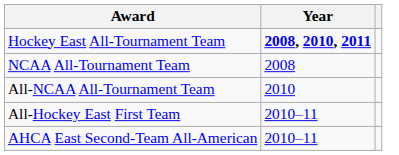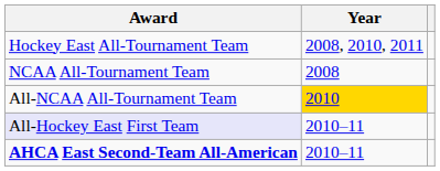 <table class="wikitable">
 <tr>
 <th>Award</th>
 <th>Year</th>
 <th></th>
 </tr>
 <tr>
 <td><a href='#'>Hockey East</a> <a href='#'>All-Tournament Team</a></td>
-<td><strong><a href='#'>2008</a>, <a href='#'>2010</a>, <a href='#'>2011</a></strong></td>
+<td><a href='#'>2008</a>, <a href='#'>2010</a>, <a href='#'>2011</a></td>
 <td></td>
 </tr>
 <tr>
 <td><a href='#'>NCAA</a> <a href='#'>All-Tournament Team</a></td>
 <td><a href='#'>2008</a></td>
 <td></td>
 </tr>
 <tr>
 <td>All-<a href='#'>NCAA</a> <a href='#'>All-Tournament Team</a></td>
-<td><a href='#'>2010</a></td>
+<td style="background: gold;"><a href='#'>2010</a></td>
 <td></td>
 </tr>
 <tr>
-<td>All-<a href='#'>Hockey East</a> <a href='#'>First Team</a></td>
+<td style="background: lavender;">All-<a href='#'>Hockey East</a> <a href='#'>First Team</a></td>
 <td><a href='#'>2010–11</a></td>
 <td></td>
 </tr>
 <tr>
-<td><a href='#'>AHCA</a> <a href='#'>East Second-Team All-American</a></td>
+<td><strong><a href='#'>AHCA</a> <a href='#'>East Second-Team All-American</a></strong></td>
 <td><a href='#'>2010–11</a></td>
 <td></td>
 </tr>
 </table>
